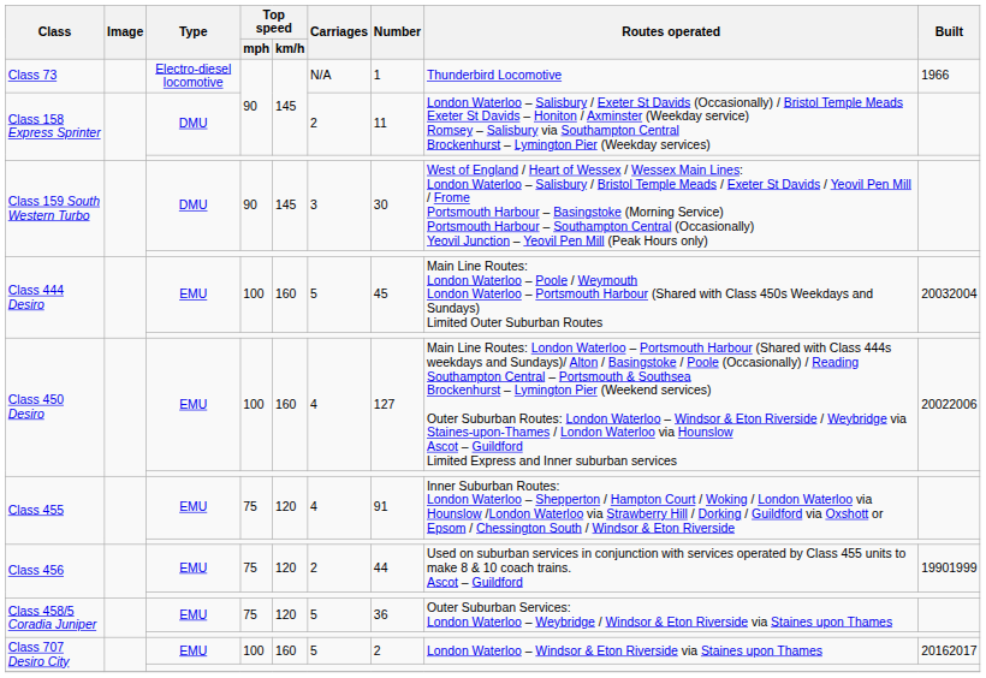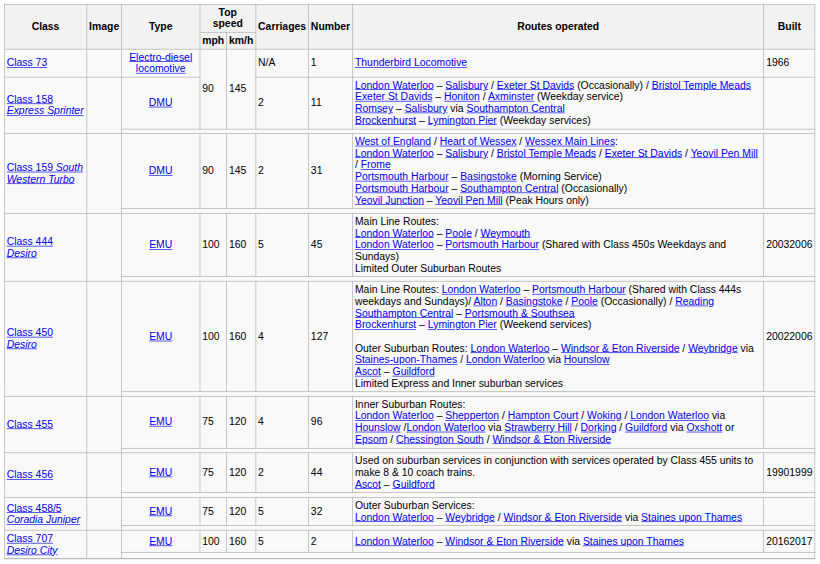 <table class="wikitable">
 <tr style="background:#f9f9f9;">
 <th rowspan="2">Class</th>
 <th rowspan="2">Image</th>
 <th rowspan="2">Type</th>
 <th colspan="2">Top speed</th>
 <th rowspan="2">Carriages</th>
 <th rowspan="2">Number</th>
 <th rowspan="2">Routes operated</th>
 <th rowspan="2">Built</th>
 </tr>
 <tr style="background:#f9f9f9;">
 <th>mph</th>
 <th>km/h</th>
 </tr>
 <tr>
 <td><a href='#'>Class 73</a></td>
 <td></td>
 <td align=center><a href='#'>Electro-diesel locomotive</a></td>
 <td rowspan="2">90</td>
 <td rowspan="2">145</td>
 <td>N/A</td>
 <td>1</td>
 <td><a href='#'>Thunderbird Locomotive</a></td>
 <td>1966</td>
 </tr>
 <tr>
 <td rowspan="2"><a href='#'>Class 158 <em>Express Sprinter</em></a></td>
 <td rowspan="2"><br></td>
 <td align=center><a href='#'>DMU</a></td>
 <td>2</td>
 <td>11</td>
 <td><a href='#'>London Waterloo</a> – <a href='#'>Salisbury</a> / <a href='#'>Exeter St Davids</a> (Occasionally) / <a href='#'>Bristol Temple Meads</a><br><a href='#'>Exeter St Davids</a> – <a href='#'>Honiton</a> / <a href='#'>Axminster</a> (Weekday service)<br><a href='#'>Romsey</a> – <a href='#'>Salisbury</a> via <a href='#'>Southampton Central</a><br><a href='#'>Brockenhurst</a> – <a href='#'>Lymington Pier</a> (Weekday services)</td>
 <td></td>
 </tr>
 <tr>
 <td colspan="7"></td>
 </tr>
 <tr>
 <td rowspan="2"><a href='#'>Class 159 <em>South Western Turbo</em></a></td>
 <td rowspan="2"><br></td>
 <td align=center><a href='#'>DMU</a></td>
 <td>90</td>
 <td>145</td>
-<td>3</td>
-<td>30</td>
+<td>2</td>
+<td>31</td>
 <td><a href='#'>West of England</a> / <a href='#'>Heart of Wessex</a> / <a href='#'>Wessex Main Lines</a>:<br><a href='#'>London Waterloo</a> – <a href='#'>Salisbury</a> / <a href='#'>Bristol Temple Meads</a> / <a href='#'>Exeter St Davids</a> / <a href='#'>Yeovil Pen Mill</a> / <a href='#'>Frome</a><br><a href='#'>Portsmouth Harbour</a> – <a href='#'>Basingstoke</a> (Morning Service)<br> <a href='#'>Portsmouth Harbour</a> – <a href='#'>Southampton Central</a> (Occasionally)<br><a href='#'>Yeovil Junction</a> – <a href='#'>Yeovil Pen Mill</a> (Peak Hours only)</td>
 <td></td>
 </tr>
 <tr>
 <td colspan="7"></td>
 </tr>
 <tr>
 <td rowspan="2"><a href='#'>Class 444 <em>Desiro</em></a></td>
 <td rowspan="2"></td>
 <td align=center><a href='#'>EMU</a></td>
 <td>100</td>
 <td>160</td>
 <td>5</td>
 <td>45</td>
 <td>Main Line Routes:<br><a href='#'>London Waterloo</a> – <a href='#'>Poole</a> / <a href='#'>Weymouth</a><br><a href='#'>London Waterloo</a> – <a href='#'>Portsmouth Harbour</a> (Shared with Class 450s Weekdays and Sundays) <br>Limited Outer Suburban Routes</td>
-<td>20032004</td>
+<td>20032006</td>
 </tr>
 <tr>
 <td colspan="7"></td>
 </tr>
 <tr>
 <td rowspan="2"><a href='#'>Class 450 <em>Desiro</em></a></td>
 <td rowspan="2"></td>
 <td align=center><a href='#'>EMU</a></td>
 <td>100</td>
 <td>160</td>
 <td>4</td>
 <td>127</td>
 <td>Main Line Routes: <a href='#'>London Waterloo</a> – <a href='#'>Portsmouth Harbour</a> (Shared with Class 444s weekdays and Sundays)/ <a href='#'>Alton</a> / <a href='#'>Basingstoke</a> / <a href='#'>Poole</a> (Occasionally) / <a href='#'>Reading</a> <br><a href='#'>Southampton Central</a> – <a href='#'>Portsmouth & Southsea</a> <br><a href='#'>Brockenhurst</a> – <a href='#'>Lymington Pier</a> (Weekend services)<br><br> Outer Suburban Routes: <a href='#'>London Waterloo</a> – <a href='#'>Windsor & Eton Riverside</a> / <a href='#'>Weybridge</a> via <a href='#'>Staines-upon-Thames</a> / <a href='#'>London Waterloo</a> via <a href='#'>Hounslow</a><br><a href='#'>Ascot</a> – <a href='#'>Guildford</a><br> Limited Express and Inner suburban services</td>
 <td>20022006</td>
 </tr>
 <tr>
 <td colspan="7"></td>
 </tr>
 <tr>
 <td rowspan="2"><a href='#'>Class 455</a></td>
 <td rowspan="2"><br><br></td>
 <td align=center><a href='#'>EMU</a></td>
 <td>75</td>
 <td>120</td>
 <td>4</td>
-<td>91</td>
+<td>96</td>
 <td>Inner Suburban Routes:<br><a href='#'>London Waterloo</a> – <a href='#'>Shepperton</a> / <a href='#'>Hampton Court</a> / <a href='#'>Woking</a> / <a href='#'>London Waterloo</a> via <a href='#'>Hounslow</a> /<a href='#'>London Waterloo</a> via <a href='#'>Strawberry Hill</a> / <a href='#'>Dorking</a> / <a href='#'>Guildford</a> via <a href='#'>Oxshott</a> or <a href='#'>Epsom</a> / <a href='#'>Chessington South</a> / <a href='#'>Windsor & Eton Riverside</a></td>
 <td></td>
 </tr>
 <tr>
 <td colspan="7"></td>
 </tr>
 <tr>
 <td rowspan="2"><a href='#'>Class 456</a></td>
 <td rowspan="2"></td>
 <td align=center><a href='#'>EMU</a></td>
 <td>75</td>
 <td>120</td>
 <td>2</td>
 <td>44</td>
 <td>Used on suburban services in conjunction with services operated by Class 455 units to make 8 & 10 coach trains.<br><a href='#'>Ascot</a> – <a href='#'>Guildford</a></td>
 <td>19901999</td>
 </tr>
 <tr>
 <td colspan="7"></td>
 </tr>
 <tr>
 <td rowspan=2><a href='#'>Class 458/5 <em>Coradia Juniper</em></a></td>
 <td rowspan=2></td>
 <td align=center><a href='#'>EMU</a></td>
 <td>75</td>
 <td>120</td>
 <td>5</td>
-<td>36</td>
+<td>32</td>
 <td>Outer Suburban Services:<br><a href='#'>London Waterloo</a> – <a href='#'>Weybridge</a> / <a href='#'>Windsor & Eton Riverside</a> via <a href='#'>Staines upon Thames</a></td>
 <td></td>
 </tr>
 <tr>
 <td colspan="7"></td>
 </tr>
 <tr>
 <td rowspan="2"><a href='#'>Class 707 <em>Desiro City</em></a></td>
 <td rowspan="2"></td>
 <td align=center><a href='#'>EMU</a></td>
 <td>100</td>
 <td>160</td>
 <td>5</td>
 <td>2</td>
 <td><a href='#'>London Waterloo</a> – <a href='#'>Windsor & Eton Riverside</a> via <a href='#'>Staines upon Thames</a></td>
 <td>20162017</td>
 </tr>
 <tr>
 <td colspan="7"></td>
 </tr>
 <tr>
 </tr>
 </table>
